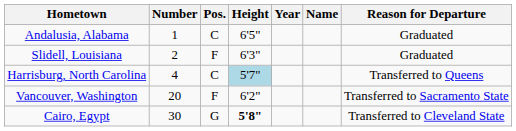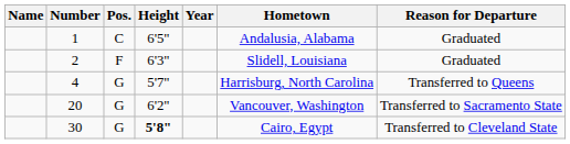 <table class="wikitable sortable" border="1" style="text-align: center;">
 <tr align=center>
-<th>Hometown</th>
+<th>Name</th>
 <th>Number</th>
 <th>Pos.</th>
 <th>Height</th>
 <th>Year</th>
-<th>Name</th>
+<th>Hometown</th>
 <th>Reason for Departure</th>
 </tr>
 <tr>
-<td><a href='#'>Andalusia, Alabama</a></td>
+<td></td>
 <td>1</td>
 <td>C</td>
 <td>6'5"</td>
 <td></td>
-<td></td>
+<td><a href='#'>Andalusia, Alabama</a></td>
 <td>Graduated</td>
 </tr>
 <tr>
-<td><a href='#'>Slidell, Louisiana</a></td>
+<td></td>
 <td>2</td>
 <td>F</td>
 <td>6'3"</td>
 <td></td>
-<td></td>
+<td><a href='#'>Slidell, Louisiana</a></td>
 <td>Graduated</td>
 </tr>
 <tr>
+<td></td>
+<td>4</td>
+<td>G</td>
+<td>5'7"</td>
+<td></td>
 <td><a href='#'>Harrisburg, North Carolina</a></td>
-<td>4</td>
-<td>C</td>
-<td style="background: lightblue;">5'7"</td>
-<td></td>
-<td></td>
 <td>Transferred to <a href='#'>Queens</a></td>
 </tr>
 <tr>
-<td><a href='#'>Vancouver, Washington</a></td>
+<td></td>
 <td>20</td>
-<td>F</td>
+<td>G</td>
 <td>6'2"</td>
 <td></td>
-<td></td>
+<td><a href='#'>Vancouver, Washington</a></td>
 <td>Transferred to <a href='#'>Sacramento State</a></td>
 </tr>
 <tr>
-<td><a href='#'>Cairo, Egypt</a></td>
+<td></td>
 <td>30</td>
 <td>G</td>
 <td><strong>5'8"</strong></td>
 <td></td>
-<td></td>
+<td><a href='#'>Cairo, Egypt</a></td>
 <td>Transferred to <a href='#'>Cleveland State</a></td>
 </tr>
 </table>
